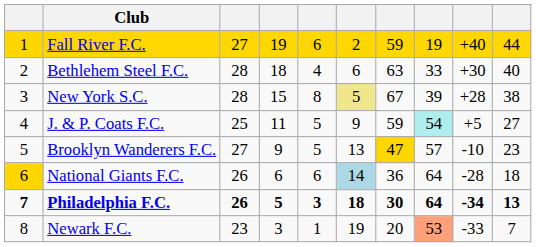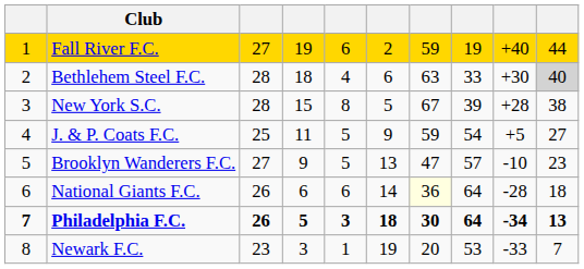 <table class="wikitable" style="text-align:center">
 <tr>
 <th width=30></th>
 <th>Club</th>
 <th width=30></th>
 <th width=30></th>
 <th width=30></th>
 <th width=30></th>
 <th width=30></th>
 <th width=30></th>
 <th width=30></th>
 <th width=30></th>
 </tr>
 <tr bgcolor="gold">
 <td>1</td>
 <td align=left><a href='#'>Fall River F.C.</a></td>
 <td>27</td>
 <td>19</td>
 <td>6</td>
 <td>2</td>
 <td>59</td>
 <td>19</td>
 <td>+40</td>
 <td>44</td>
 </tr>
 <tr>
 <td>2</td>
 <td align=left><a href='#'>Bethlehem Steel F.C.</a></td>
 <td>28</td>
 <td>18</td>
 <td>4</td>
 <td>6</td>
 <td>63</td>
 <td>33</td>
 <td>+30</td>
-<td>40</td>
+<td style="background: lightgrey;">40</td>
 </tr>
 <tr>
 <td>3</td>
 <td align=left><a href='#'>New York S.C.</a></td>
 <td>28</td>
 <td>15</td>
 <td>8</td>
-<td style="background: khaki;">5</td>
+<td>5</td>
 <td>67</td>
 <td>39</td>
 <td>+28</td>
 <td>38</td>
 </tr>
 <tr>
 <td>4</td>
 <td align=left><a href='#'>J. & P. Coats F.C.</a></td>
 <td>25</td>
 <td>11</td>
 <td>5</td>
 <td>9</td>
 <td>59</td>
-<td style="background: paleturquoise;">54</td>
+<td>54</td>
 <td>+5</td>
 <td>27</td>
 </tr>
 <tr>
 <td>5</td>
 <td align=left><a href='#'>Brooklyn Wanderers F.C.</a></td>
 <td>27</td>
 <td>9</td>
 <td>5</td>
 <td>13</td>
-<td style="background: gold;">47</td>
+<td>47</td>
 <td>57</td>
 <td>-10</td>
 <td>23</td>
 </tr>
 <tr>
-<td style="background: gold;">6</td>
+<td>6</td>
 <td align=left><a href='#'>National Giants F.C.</a></td>
 <td>26</td>
 <td>6</td>
 <td>6</td>
-<td style="background: lightblue;">14</td>
-<td>36</td>
+<td>14</td>
+<td style="background: lightyellow;">36</td>
 <td>64</td>
 <td>-28</td>
 <td>18</td>
 </tr>
 <tr>
 <td><strong>7</strong></td>
 <td align=left><strong><a href='#'>Philadelphia F.C.</a></strong></td>
 <td><strong>26</strong></td>
 <td><strong>5</strong></td>
 <td><strong>3</strong></td>
 <td><strong>18</strong></td>
 <td><strong>30</strong></td>
 <td><strong>64</strong></td>
 <td><strong>-34</strong></td>
 <td><strong>13</strong></td>
 </tr>
 <tr>
 <td>8</td>
 <td align=left><a href='#'>Newark F.C.</a></td>
 <td>23</td>
 <td>3</td>
 <td>1</td>
 <td>19</td>
 <td>20</td>
-<td style="background: lightsalmon;">53</td>
+<td>53</td>
 <td>-33</td>
 <td>7</td>
 </tr>
 </table>
